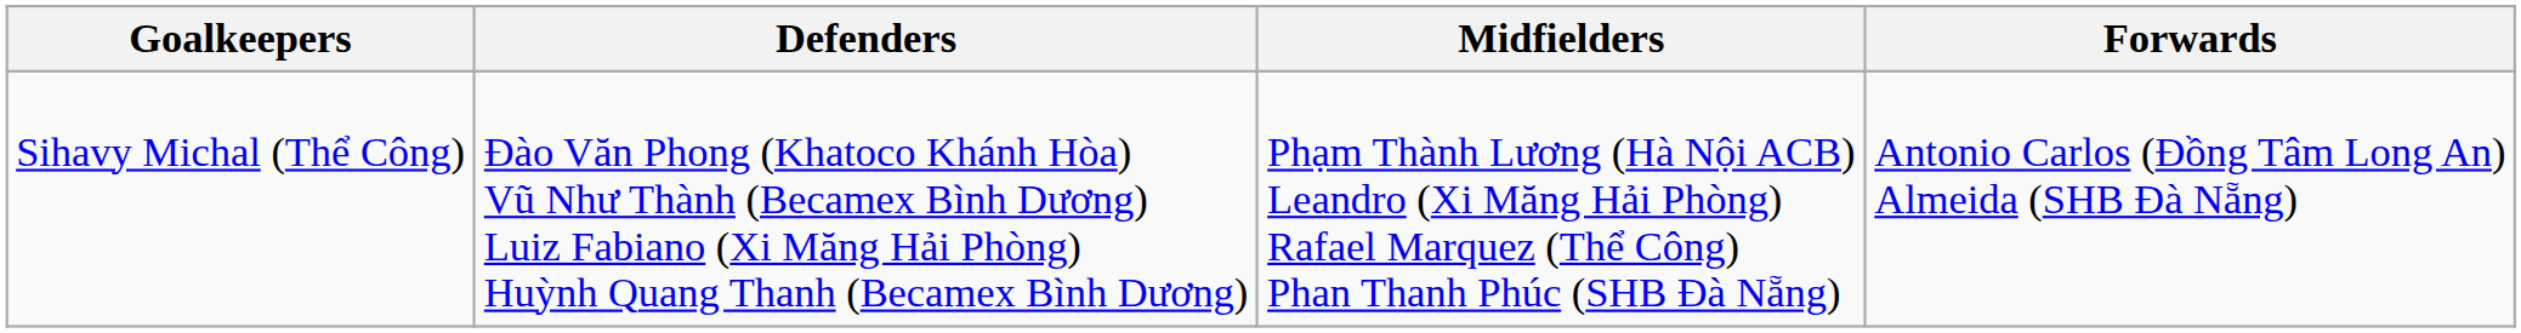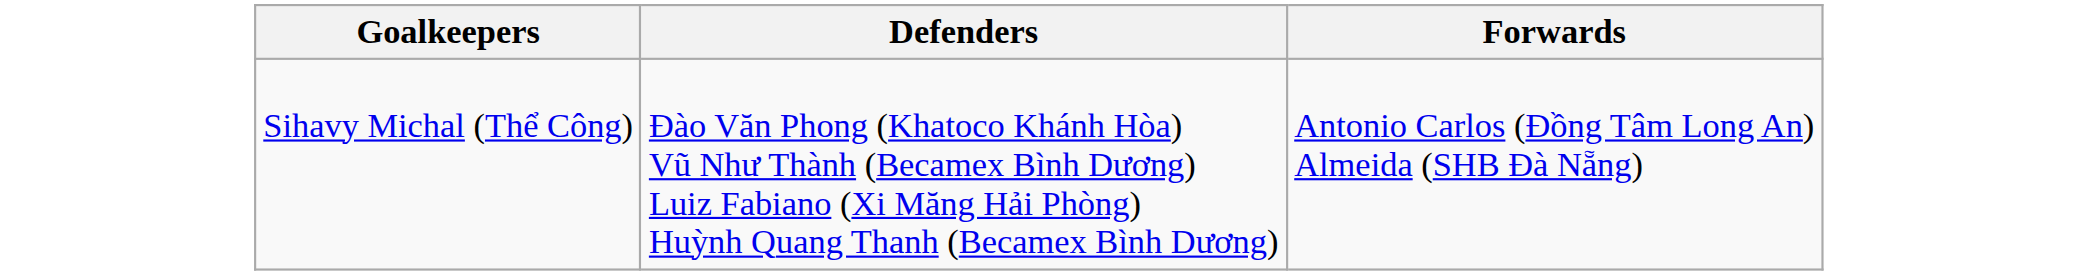 <table class="wikitable" style="mArgin: 0 auto;">
 <tr>
 <th>Goalkeepers</th>
 <th>Defenders</th>
-<th>Midfielders</th>
 <th>Forwards</th>
 </tr>
 <tr>
 <td valign=top><br> <a href='#'>Sihavy Michal</a> (<a href='#'>Thể Công</a>)</td>
 <td valign=top><br> <a href='#'>Đào Văn Phong</a> (<a href='#'>Khatoco Khánh Hòa</a>)<br>  <a href='#'>Vũ Như Thành</a> (<a href='#'>Becamex Bình Dương</a>)<br>  <a href='#'>Luiz Fabiano</a> (<a href='#'>Xi Măng Hải Phòng</a>)<br>  <a href='#'>Huỳnh Quang Thanh</a> (<a href='#'>Becamex Bình Dương</a>)</td>
-<td valign=top><br> <a href='#'>Phạm Thành Lương</a> (<a href='#'>Hà Nội ACB</a>)<br>  <a href='#'>Leandro</a> (<a href='#'>Xi Măng Hải Phòng</a>)<br>  <a href='#'>Rafael Marquez</a> (<a href='#'>Thể Công</a>)<br>  <a href='#'>Phan Thanh Phúc</a> (<a href='#'>SHB Đà Nẵng</a>)</td>
 <td valign=top><br> <a href='#'>Antonio Carlos</a> (<a href='#'>Đồng Tâm Long An</a>)<br>  <a href='#'>Almeida</a>  (<a href='#'>SHB Đà Nẵng</a>)</td>
 </tr>
 </table>
